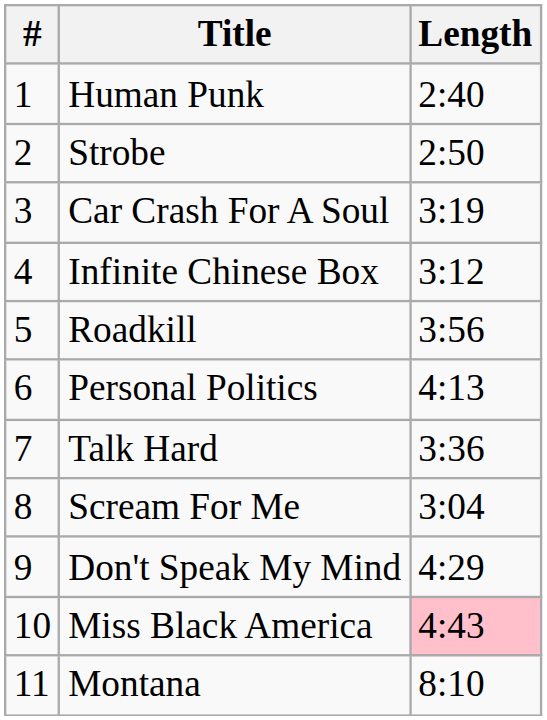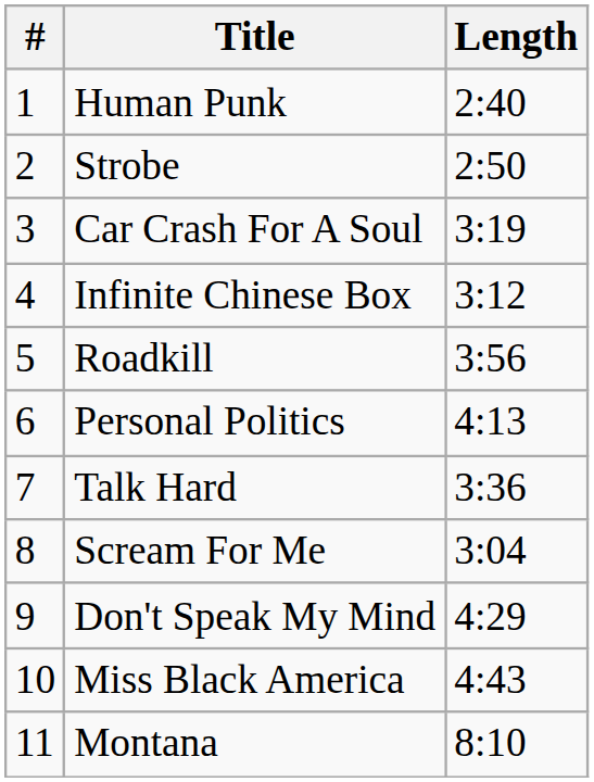 <table class="wikitable">
 <tr>
 <th>#</th>
 <th>Title</th>
 <th>Length</th>
 </tr>
 <tr>
 <td>1</td>
 <td>Human Punk</td>
 <td>2:40</td>
 </tr>
 <tr>
 <td>2</td>
 <td>Strobe</td>
 <td>2:50</td>
 </tr>
 <tr>
 <td>3</td>
 <td>Car Crash For A Soul</td>
 <td>3:19</td>
 </tr>
 <tr>
 <td>4</td>
 <td>Infinite Chinese Box</td>
 <td>3:12</td>
 </tr>
 <tr>
 <td>5</td>
 <td>Roadkill</td>
 <td>3:56</td>
 </tr>
 <tr>
 <td>6</td>
 <td>Personal Politics</td>
 <td>4:13</td>
 </tr>
 <tr>
 <td>7</td>
 <td>Talk Hard</td>
 <td>3:36</td>
 </tr>
 <tr>
 <td>8</td>
 <td>Scream For Me</td>
 <td>3:04</td>
 </tr>
 <tr>
 <td>9</td>
 <td>Don't Speak My Mind</td>
 <td>4:29</td>
 </tr>
 <tr>
 <td>10</td>
 <td>Miss Black America</td>
-<td style="background: pink;">4:43</td>
+<td>4:43</td>
 </tr>
 <tr>
 <td>11</td>
 <td>Montana</td>
 <td>8:10</td>
 </tr>
 <tr>
 </tr>
 </table>
